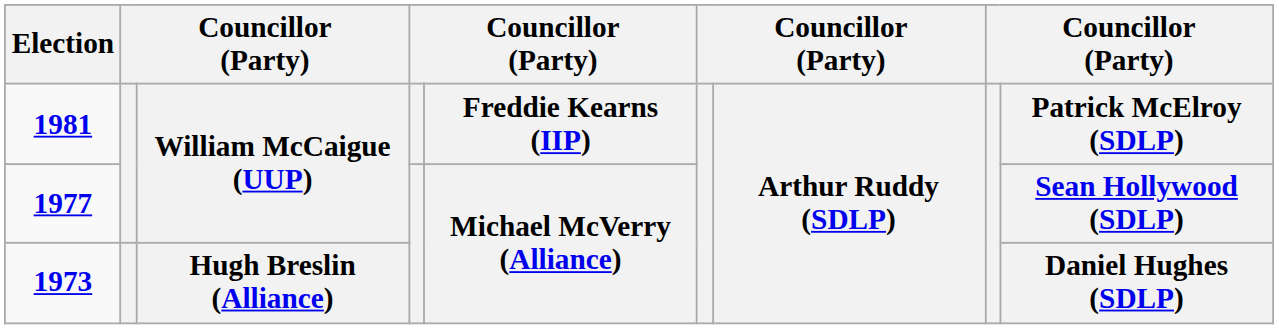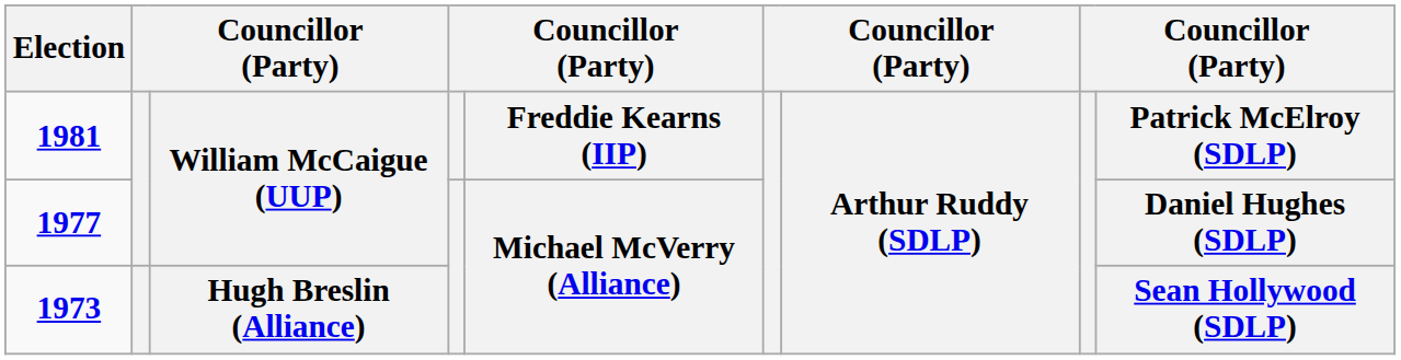 <table class="wikitable" style="text-align:center">
 <tr>
 <th scope="col" width="50">Election</th>
 <th scope="col" width="150" colspan = "2">Councillor<br> (Party)</th>
 <th scope="col" width="150" colspan = "2">Councillor<br> (Party)</th>
 <th scope="col" width="150" colspan = "2">Councillor<br> (Party)</th>
 <th scope="col" width="150" colspan = "2">Councillor<br> (Party)</th>
 </tr>
 <tr>
 <td><strong><a href='#'>1981</a></strong></td>
 <th rowspan="2" width="1" style="background-color: "></th>
 <th rowspan = "2">William McCaigue <br> (<a href='#'>UUP</a>)</th>
 <th rowspan="1" width="1" style="background-color: "></th>
 <th rowspan = "1">Freddie Kearns <br> (<a href='#'>IIP</a>)</th>
 <th rowspan="3" width="1" style="background-color: "></th>
 <th rowspan = "3">Arthur Ruddy <br> (<a href='#'>SDLP</a>)</th>
 <th rowspan="3" width="1" style="background-color: "></th>
 <th rowspan = "1">Patrick McElroy <br> (<a href='#'>SDLP</a>)</th>
 </tr>
 <tr>
 <td><strong><a href='#'>1977</a></strong></td>
 <th rowspan="2" width="1" style="background-color: "></th>
 <th rowspan = "2">Michael McVerry <br> (<a href='#'>Alliance</a>)</th>
-<th rowspan = "1"><a href='#'>Sean Hollywood</a> <br> (<a href='#'>SDLP</a>)</th>
+<th rowspan = "1">Daniel Hughes <br> (<a href='#'>SDLP</a>)</th>
 </tr>
 <tr>
 <td><strong><a href='#'>1973</a></strong></td>
 <th rowspan="1" width="1" style="background-color: "></th>
 <th rowspan = "1">Hugh Breslin <br> (<a href='#'>Alliance</a>)</th>
-<th rowspan = "1">Daniel Hughes <br> (<a href='#'>SDLP</a>)</th>
+<th rowspan = "1"><a href='#'>Sean Hollywood</a> <br> (<a href='#'>SDLP</a>)</th>
 </tr>
 </table>
